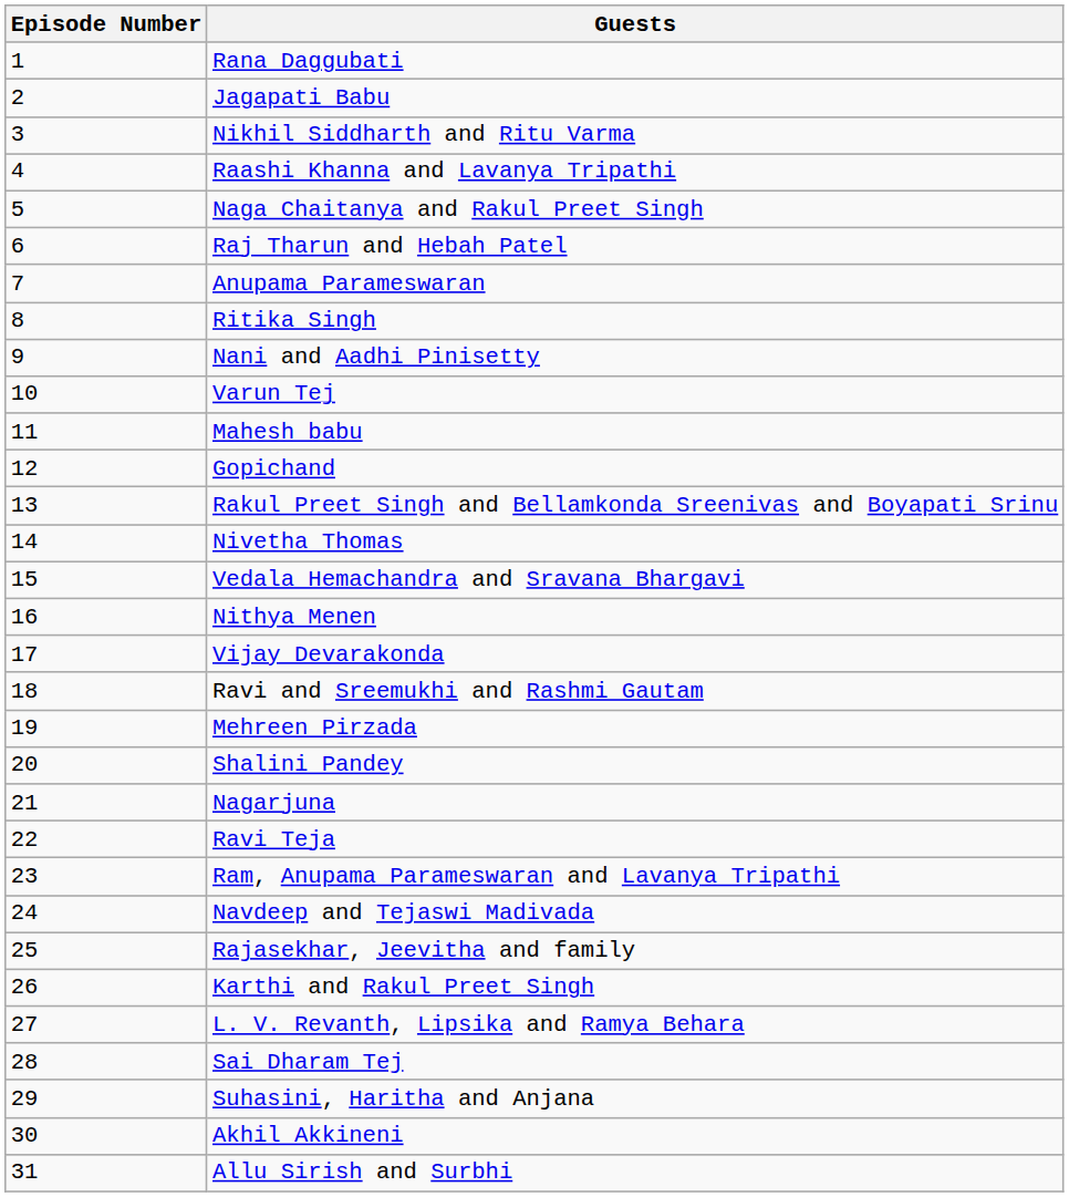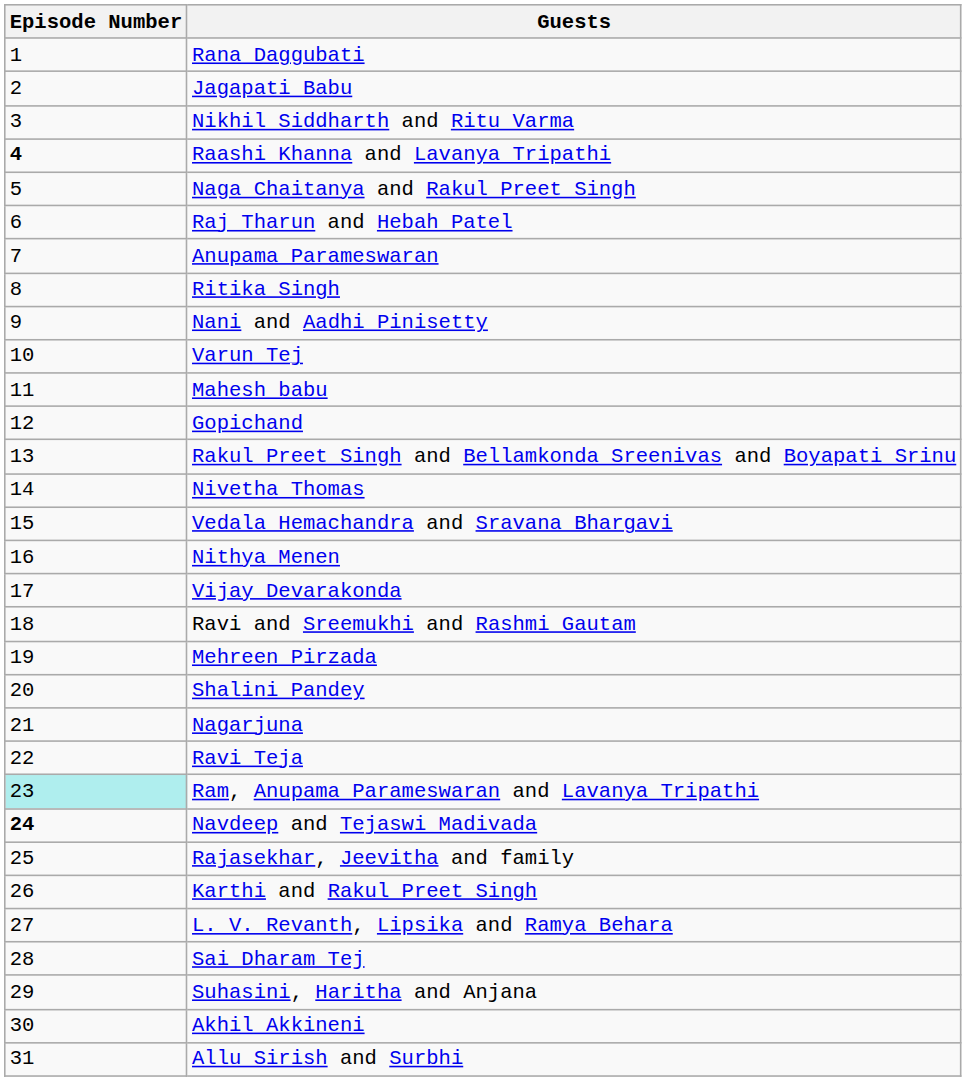 <table class="wikitable">
 <tr>
 <th>Episode Number</th>
 <th>Guests</th>
 </tr>
 <tr>
 <td>1</td>
 <td><a href='#'>Rana Daggubati</a></td>
 </tr>
 <tr>
 <td>2</td>
 <td><a href='#'>Jagapati Babu</a></td>
 </tr>
 <tr>
 <td>3</td>
 <td><a href='#'>Nikhil Siddharth</a> and <a href='#'>Ritu Varma</a></td>
 </tr>
 <tr>
-<td>4</td>
+<td><strong>4</strong></td>
 <td><a href='#'>Raashi Khanna</a> and <a href='#'>Lavanya Tripathi</a></td>
 </tr>
 <tr>
 <td>5</td>
 <td><a href='#'>Naga Chaitanya</a> and <a href='#'>Rakul Preet Singh</a></td>
 </tr>
 <tr>
 <td>6</td>
 <td><a href='#'>Raj Tharun</a> and <a href='#'>Hebah Patel</a></td>
 </tr>
 <tr>
 <td>7</td>
 <td><a href='#'>Anupama Parameswaran</a></td>
 </tr>
 <tr>
 <td>8</td>
 <td><a href='#'>Ritika Singh</a></td>
 </tr>
 <tr>
 <td>9</td>
 <td><a href='#'>Nani</a> and <a href='#'>Aadhi Pinisetty</a></td>
 </tr>
 <tr>
 <td>10</td>
 <td><a href='#'>Varun Tej</a></td>
 </tr>
 <tr>
 <td>11</td>
 <td><a href='#'>Mahesh babu</a></td>
 </tr>
 <tr>
 <td>12</td>
 <td><a href='#'>Gopichand</a></td>
 </tr>
 <tr>
 <td>13</td>
 <td><a href='#'>Rakul Preet Singh</a> and <a href='#'>Bellamkonda Sreenivas</a> and <a href='#'>Boyapati Srinu</a></td>
 </tr>
 <tr>
 <td>14</td>
 <td><a href='#'>Nivetha Thomas</a></td>
 </tr>
 <tr>
 <td>15</td>
 <td><a href='#'>Vedala Hemachandra</a> and <a href='#'>Sravana Bhargavi</a></td>
 </tr>
 <tr>
 <td>16</td>
 <td><a href='#'>Nithya Menen</a></td>
 </tr>
 <tr>
 <td>17</td>
 <td><a href='#'>Vijay Devarakonda</a></td>
 </tr>
 <tr>
 <td>18</td>
 <td>Ravi and <a href='#'>Sreemukhi</a> and <a href='#'>Rashmi Gautam</a></td>
 </tr>
 <tr>
 <td>19</td>
 <td><a href='#'>Mehreen Pirzada</a></td>
 </tr>
 <tr>
 <td>20</td>
 <td><a href='#'>Shalini Pandey</a></td>
 </tr>
 <tr>
 <td>21</td>
 <td><a href='#'>Nagarjuna</a></td>
 </tr>
 <tr>
 <td>22</td>
 <td><a href='#'>Ravi Teja</a></td>
 </tr>
 <tr>
-<td>23</td>
+<td style="background: paleturquoise;">23</td>
 <td><a href='#'>Ram</a>, <a href='#'>Anupama Parameswaran</a> and <a href='#'>Lavanya Tripathi</a></td>
 </tr>
 <tr>
-<td>24</td>
+<td><strong>24</strong></td>
 <td><a href='#'>Navdeep</a> and <a href='#'>Tejaswi Madivada</a></td>
 </tr>
 <tr>
 <td>25</td>
 <td><a href='#'>Rajasekhar</a>, <a href='#'>Jeevitha</a> and family</td>
 </tr>
 <tr>
 <td>26</td>
 <td><a href='#'>Karthi</a> and <a href='#'>Rakul Preet Singh</a></td>
 </tr>
 <tr>
 <td>27</td>
 <td><a href='#'>L. V. Revanth</a>, <a href='#'>Lipsika</a> and <a href='#'>Ramya Behara</a></td>
 </tr>
 <tr>
 <td>28</td>
 <td><a href='#'>Sai Dharam Tej</a></td>
 </tr>
 <tr>
 <td>29</td>
 <td><a href='#'>Suhasini</a>, <a href='#'>Haritha</a> and Anjana</td>
 </tr>
 <tr>
 <td>30</td>
 <td><a href='#'>Akhil Akkineni</a></td>
 </tr>
 <tr>
 <td>31</td>
 <td><a href='#'>Allu Sirish</a> and <a href='#'>Surbhi</a></td>
 </tr>
 </table>
